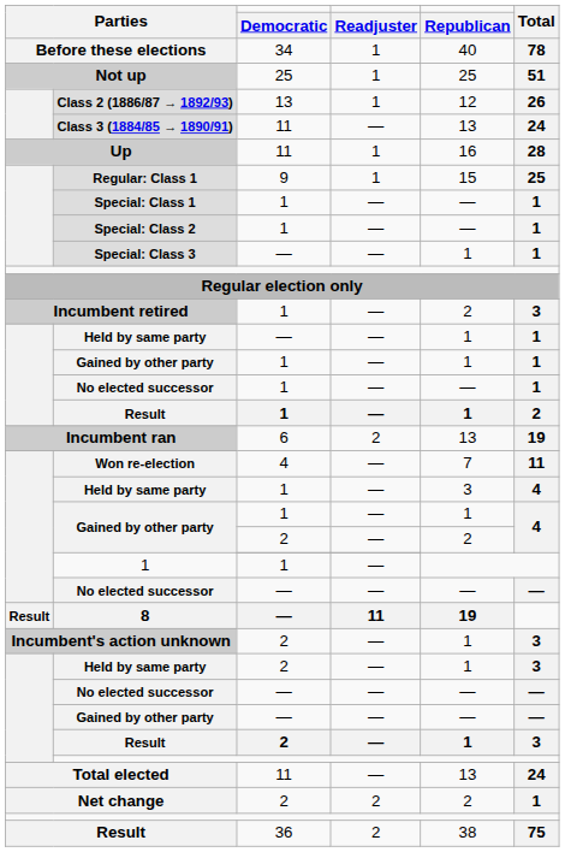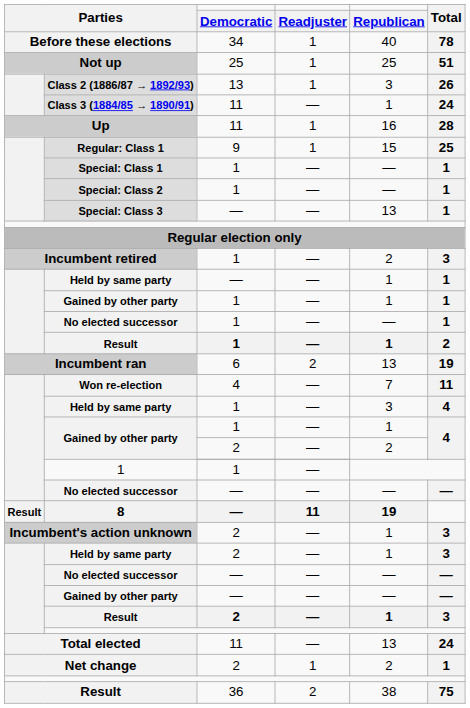 <table class=wikitable style=text-align:center>
 <tr>
 <th colspan=2 rowspan=2>Parties</th>
 <td style="background-color:"></td>
 <td style="background-color:"></td>
 <td style="background-color:"></td>
 <th rowspan=2>Total</th>
 </tr>
 <tr valign=bottom>
 <th><a href='#'>Democratic</a></th>
 <th><a href='#'>Readjuster</a></th>
 <th><a href='#'>Republican</a></th>
 </tr>
 <tr>
 <th colspan=2>Before these elections</th>
 <td>34</td>
 <td>1</td>
 <td>40</td>
 <th>78</th>
 </tr>
 <tr>
 <th colspan=2 style="background:#ccc">Not up</th>
 <td>25</td>
 <td>1</td>
 <td>25</td>
 <th>51</th>
 </tr>
 <tr>
 <th rowspan=2></th>
 <th style="background:#ddd"><small>Class 2 (1886/87 → <a href='#'>1892/93</a>)</small></th>
 <td>13</td>
 <td>1</td>
-<td>12</td>
+<td>3</td>
 <th>26</th>
 </tr>
 <tr>
 <th style="background:#ddd"><small>Class 3 (<a href='#'>1884/85</a> → <a href='#'>1890/91</a>)</small></th>
 <td>11</td>
 <td>—</td>
-<td>13</td>
+<td>1</td>
 <th>24</th>
 </tr>
 <tr>
 <th colspan=2 style="background:#ccc">Up</th>
 <td>11</td>
 <td>1</td>
 <td>16</td>
 <th>28</th>
 </tr>
 <tr>
 <th rowspan=4></th>
 <th style="background:#ddd"><small>Regular: Class 1</small></th>
 <td>9</td>
 <td>1</td>
 <td>15</td>
 <th>25</th>
 </tr>
 <tr>
 <th style="background:#ddd"><small>Special: Class 1</small></th>
 <td>1</td>
 <td>—</td>
 <td>—</td>
 <th>1</th>
 </tr>
 <tr>
 <th style="background:#ddd"><small>Special: Class 2</small></th>
 <td>1</td>
 <td>—</td>
 <td>—</td>
 <th>1</th>
 </tr>
 <tr>
 <th style="background:#ddd"><small>Special: Class 3</small></th>
 <td>—</td>
 <td>—</td>
-<td>1</td>
+<td>13</td>
 <th>1</th>
 </tr>
 <tr>
 <td colspan=99></td>
 </tr>
 <tr>
 <th colspan=7 style="background:#bbb">Regular election only</th>
 </tr>
 <tr>
 <th colspan=2 style="background:#ccc">Incumbent retired</th>
 <td>1</td>
 <td>—</td>
 <td>2</td>
 <th>3</th>
 </tr>
 <tr>
 <th rowspan=4></th>
 <th><small>Held by same party</small></th>
 <td>—</td>
 <td>—</td>
 <td>1</td>
 <th>1</th>
 </tr>
 <tr>
 <th><small>Gained by other party</small></th>
 <td>1</td>
 <td>—</td>
 <td>1</td>
 <th>1</th>
 </tr>
 <tr>
 <th><small>No elected successor</small></th>
 <td>1</td>
 <td>—</td>
 <td>—</td>
 <th>1</th>
 </tr>
 <tr>
 <th><small>Result</small></th>
 <th>1</th>
 <th>—</th>
 <th>1</th>
 <th>2</th>
 </tr>
 <tr>
 <th colspan=2 style="background:#ccc">Incumbent ran</th>
 <td>6</td>
 <td>2</td>
 <td>13</td>
 <th>19</th>
 </tr>
 <tr>
 <th rowspan=7></th>
 <th><small>Won re-election</small></th>
 <td>4</td>
 <td>—</td>
 <td>7</td>
 <th>11</th>
 </tr>
 <tr>
 <th><small>Held by same party</small></th>
 <td>1</td>
 <td>—</td>
 <td>3</td>
 <th>4</th>
 </tr>
 <tr>
 <th rowspan=3><small>Gained by other party</small></th>
 <td>1</td>
 <td>—</td>
 <td>1</td>
 <th rowspan=3>4</th>
 </tr>
 <tr>
 <td>2</td>
 <td>—</td>
 <td>2</td>
 </tr>
 <tr>
 </tr>
 <tr>
 <td>1</td>
 <td>1</td>
 <td>—</td>
 </tr>
 <tr>
 <th><small>No elected successor</small></th>
 <td>—</td>
 <td>—</td>
 <td>—</td>
 <th>—</th>
 </tr>
 <tr>
 <th><small>Result</small></th>
 <th>8</th>
 <th>—</th>
 <th>11</th>
 <th>19</th>
 </tr>
 <tr>
 <th colspan=2 style="background:#ccc">Incumbent's action unknown</th>
 <td>2</td>
 <td>—</td>
 <td>1</td>
 <th>3</th>
 </tr>
 <tr>
 <th rowspan=5></th>
 <th><small>Held by same party</small></th>
 <td>2</td>
 <td>—</td>
 <td>1</td>
 <th>3</th>
 </tr>
 <tr>
 <th><small>No elected successor</small></th>
 <td>—</td>
 <td>—</td>
 <td>—</td>
 <th>—</th>
 </tr>
 <tr>
 <th><small>Gained by other party</small></th>
 <td>—</td>
 <td>—</td>
 <td>—</td>
 <th>—</th>
 </tr>
 <tr>
 <th><small>Result</small></th>
 <th>2</th>
 <th>—</th>
 <th>1</th>
 <th>3</th>
 </tr>
 <tr>
 <td colspan=99></td>
 </tr>
 <tr>
 <th colspan=2>Total elected</th>
 <td>11</td>
 <td>—</td>
 <td>13</td>
 <th>24</th>
 </tr>
 <tr>
 <th colspan=2>Net change</th>
 <td>2</td>
-<td>2</td>
+<td>1</td>
 <td>2</td>
 <th>1</th>
 </tr>
 <tr>
 <td colspan=99></td>
 </tr>
 <tr>
 <th colspan=2>Result</th>
 <td>36</td>
 <td>2</td>
 <td>38</td>
 <th>75</th>
 </tr>
 </table>
